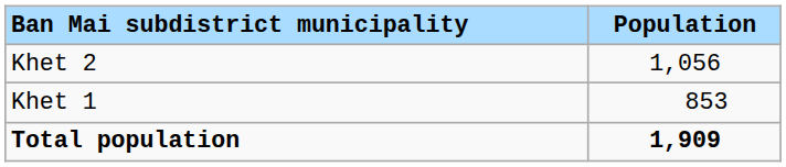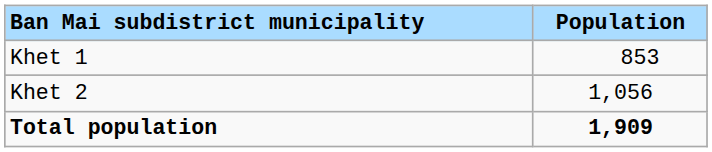 <table class="wikitable" style="width:48%; display:inline-table;">
 <tr>
 <th scope="col" style= "background: #aadcff; text-align:left;"><strong>Ban Mai subdistrict municipality</strong></th>
 <th scope="col" style= "background: #aadcff; text-align:center;"><strong>Population</strong></th>
 </tr>
 <tr>
+<td>Khet 1</td>
+<td style="text-align:center;">   853</td>
+</tr>
+<tr>
 <td>Khet 2</td>
 <td style="text-align:center;">1,056</td>
-</tr>
-<tr>
-<td>Khet 1</td>
-<td style="text-align:center;">   853</td>
 </tr>
 <tr>
 <td><strong>Total population</strong></td>
 <td style="text-align:center;"><strong>1,909</strong></td>
 </tr>
 </table>
